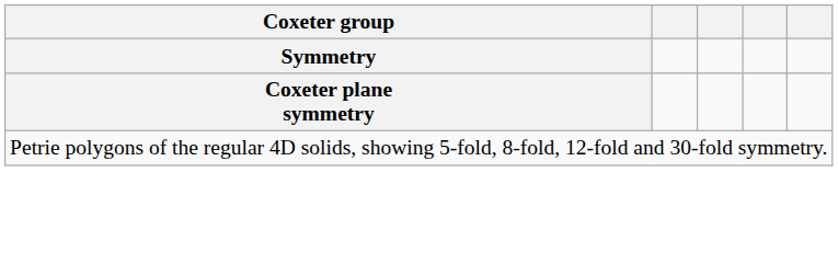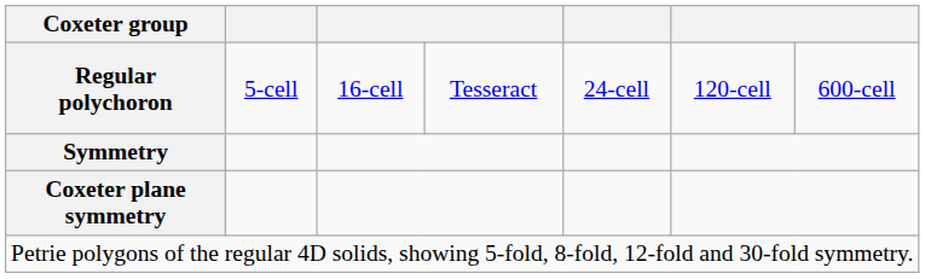 <table class=wikitable>
 <tr>
 <th>Coxeter group</th>
 <th></th>
 <th colspan=2></th>
 <th></th>
 <th colspan=2></th>
+</tr>
+<tr align=center>
+<th>Regular<br>polychoron</th>
+<td><br><a href='#'>5-cell</a><br><br></td>
+<td><br><a href='#'>16-cell</a><br><br></td>
+<td align=center><br><a href='#'>Tesseract</a><br><br></td>
+<td><br><a href='#'>24-cell</a><br><br></td>
+<td><br><a href='#'>120-cell</a><br><br></td>
+<td><br><a href='#'>600-cell</a><br><br></td>
 </tr>
 <tr align=center>
 <th>Symmetry</th>
 <td></td>
 <td colspan=2></td>
 <td></td>
 <td colspan=2></td>
 </tr>
 <tr align=center>
 <th>Coxeter plane<br>symmetry</th>
 <td></td>
 <td colspan=2></td>
 <td></td>
 <td colspan=2></td>
 </tr>
 <tr>
 <td colspan=7>Petrie polygons of the regular 4D solids, showing 5-fold, 8-fold, 12-fold and 30-fold symmetry.</td>
 </tr>
 </table>
